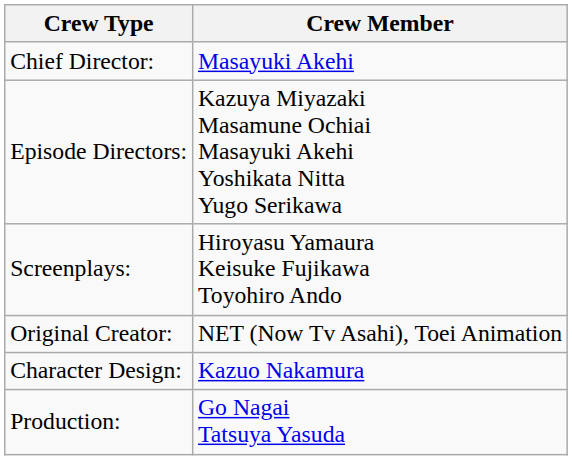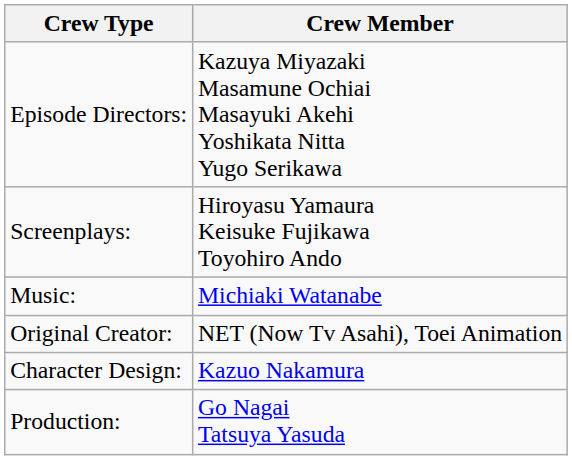 <table class="wikitable sortable">
 <tr>
 <th>Crew Type</th>
 <th>Crew Member</th>
-</tr>
-<tr>
-<td>Chief Director:</td>
-<td><a href='#'>Masayuki Akehi</a></td>
 </tr>
 <tr>
 <td>Episode Directors:</td>
 <td>Kazuya Miyazaki<br>Masamune Ochiai<br>Masayuki Akehi<br>Yoshikata Nitta<br>Yugo Serikawa</td>
 </tr>
 <tr>
 <td>Screenplays:</td>
 <td>Hiroyasu Yamaura<br>Keisuke Fujikawa<br>Toyohiro Ando</td>
+</tr>
+<tr>
+<td>Music:</td>
+<td><a href='#'>Michiaki Watanabe</a></td>
 </tr>
 <tr>
 <td>Original Creator:</td>
 <td>NET (Now Tv Asahi), Toei Animation</td>
 </tr>
 <tr>
 <td>Character Design:</td>
 <td><a href='#'>Kazuo Nakamura</a></td>
 </tr>
 <tr>
 <td>Production:</td>
 <td><a href='#'>Go Nagai</a><br><a href='#'>Tatsuya Yasuda</a></td>
 </tr>
 </table>
